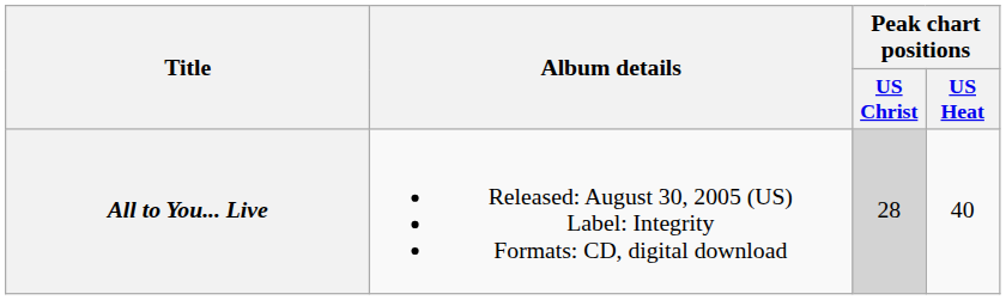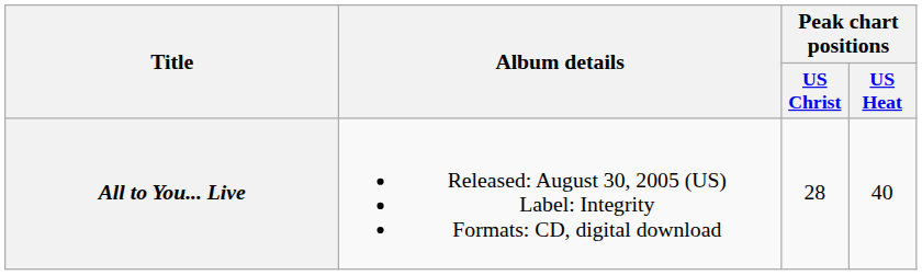 <table class="wikitable plainrowheaders" style="text-align:center;">
 <tr>
 <th scope="col" rowspan="2" style="width:15em;">Title</th>
 <th scope="col" rowspan="2" style="width:20em;">Album details</th>
 <th scope="col" colspan="2">Peak chart positions</th>
 </tr>
 <tr>
 <th style="width:3em; font-size:90%"><a href='#'>US<br>Christ</a><br></th>
 <th style="width:3em; font-size:90%"><a href='#'>US<br>Heat</a><br></th>
 </tr>
 <tr>
 <th scope="row"><em>All to You... Live</em></th>
 <td><br><ul><li>Released: August 30, 2005 <span>(US)</span></li><li>Label: Integrity</li><li>Formats: CD, digital download</li></ul></td>
-<td style="background: lightgrey;">28</td>
+<td>28</td>
 <td>40</td>
 </tr>
 </table>
